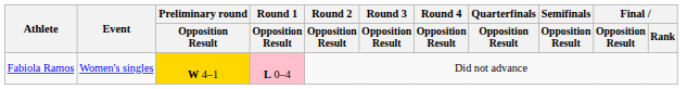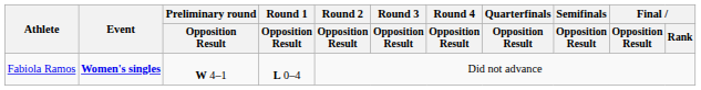 <table class="wikitable" style="font-size:90%">
 <tr>
 <th rowspan="2">Athlete</th>
 <th rowspan="2">Event</th>
 <th>Preliminary round</th>
 <th>Round 1</th>
 <th>Round 2</th>
 <th>Round 3</th>
 <th>Round 4</th>
 <th>Quarterfinals</th>
 <th>Semifinals</th>
 <th colspan=2>Final / </th>
 </tr>
 <tr style="font-size:95%">
 <th>Opposition<br>Result</th>
 <th>Opposition<br>Result</th>
 <th>Opposition<br>Result</th>
 <th>Opposition<br>Result</th>
 <th>Opposition<br>Result</th>
 <th>Opposition<br>Result</th>
 <th>Opposition<br>Result</th>
 <th>Opposition<br>Result</th>
 <th>Rank</th>
 </tr>
 <tr align=center>
 <td align=left><a href='#'>Fabiola Ramos</a></td>
-<td align=left><a href='#'>Women's singles</a></td>
-<td style="background: gold;"><br><strong>W</strong> 4–1</td>
-<td style="background: pink;"><br><strong>L</strong> 0–4</td>
+<td align=left><strong><a href='#'>Women's singles</a></strong></td>
+<td><br><strong>W</strong> 4–1</td>
+<td><br><strong>L</strong> 0–4</td>
 <td colspan=7>Did not advance</td>
 </tr>
 </table>
